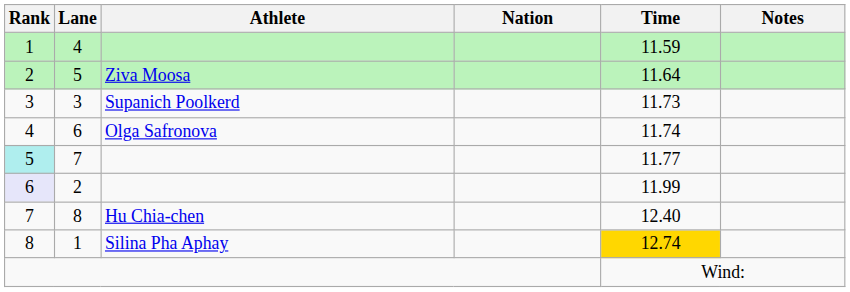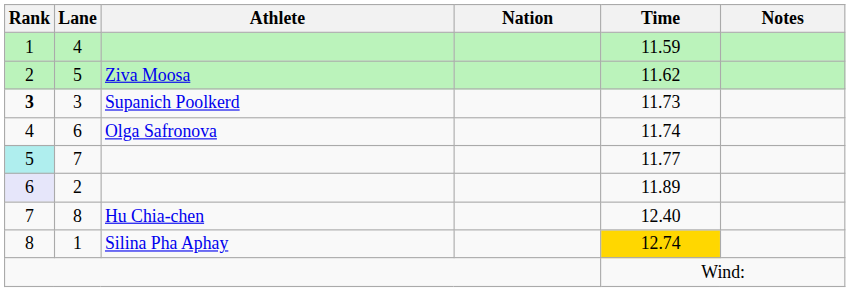 <table class="wikitable sortable" style="text-align:center;width: 60%;">
 <tr>
 <th scope="col" style="width: 10px;">Rank</th>
 <th scope="col" style="width: 10px;">Lane</th>
 <th scope="col">Athlete</th>
 <th scope="col">Nation</th>
 <th scope="col">Time</th>
 <th scope="col">Notes</th>
 </tr>
 <tr bgcolor=bbf3bb>
 <td>1</td>
 <td>4</td>
 <td align="left"></td>
 <td align="left"></td>
 <td>11.59</td>
 <td></td>
 </tr>
 <tr bgcolor=bbf3bb>
 <td>2</td>
 <td>5</td>
 <td align="left"><a href='#'>Ziva Moosa</a></td>
 <td align="left"></td>
-<td>11.64</td>
+<td>11.62</td>
 <td></td>
 </tr>
 <tr>
-<td>3</td>
+<td><strong>3</strong></td>
 <td>3</td>
 <td align="left"><a href='#'>Supanich Poolkerd</a></td>
 <td align=left></td>
 <td>11.73</td>
 <td></td>
 </tr>
 <tr>
 <td>4</td>
 <td>6</td>
 <td align=left><a href='#'>Olga Safronova</a></td>
 <td align="left"></td>
 <td>11.74</td>
 <td></td>
 </tr>
 <tr>
 <td style="background: paleturquoise;">5</td>
 <td>7</td>
 <td align="left"></td>
 <td align="left"></td>
 <td>11.77</td>
 <td></td>
 </tr>
 <tr>
 <td style="background: lavender;">6</td>
 <td>2</td>
 <td align="left"></td>
 <td align="left"></td>
-<td>11.99</td>
+<td>11.89</td>
 <td></td>
 </tr>
 <tr>
 <td>7</td>
 <td>8</td>
 <td align="left"><a href='#'>Hu Chia-chen</a></td>
 <td align="left"></td>
 <td>12.40</td>
 <td></td>
 </tr>
 <tr>
 <td>8</td>
 <td>1</td>
 <td align="left"><a href='#'>Silina Pha Aphay</a></td>
 <td align="left"></td>
 <td style="background: gold;">12.74</td>
 <td></td>
 </tr>
 <tr class="sortbottom">
 <td colspan="4"></td>
 <td colspan="2">Wind: </td>
 </tr>
 </table>
